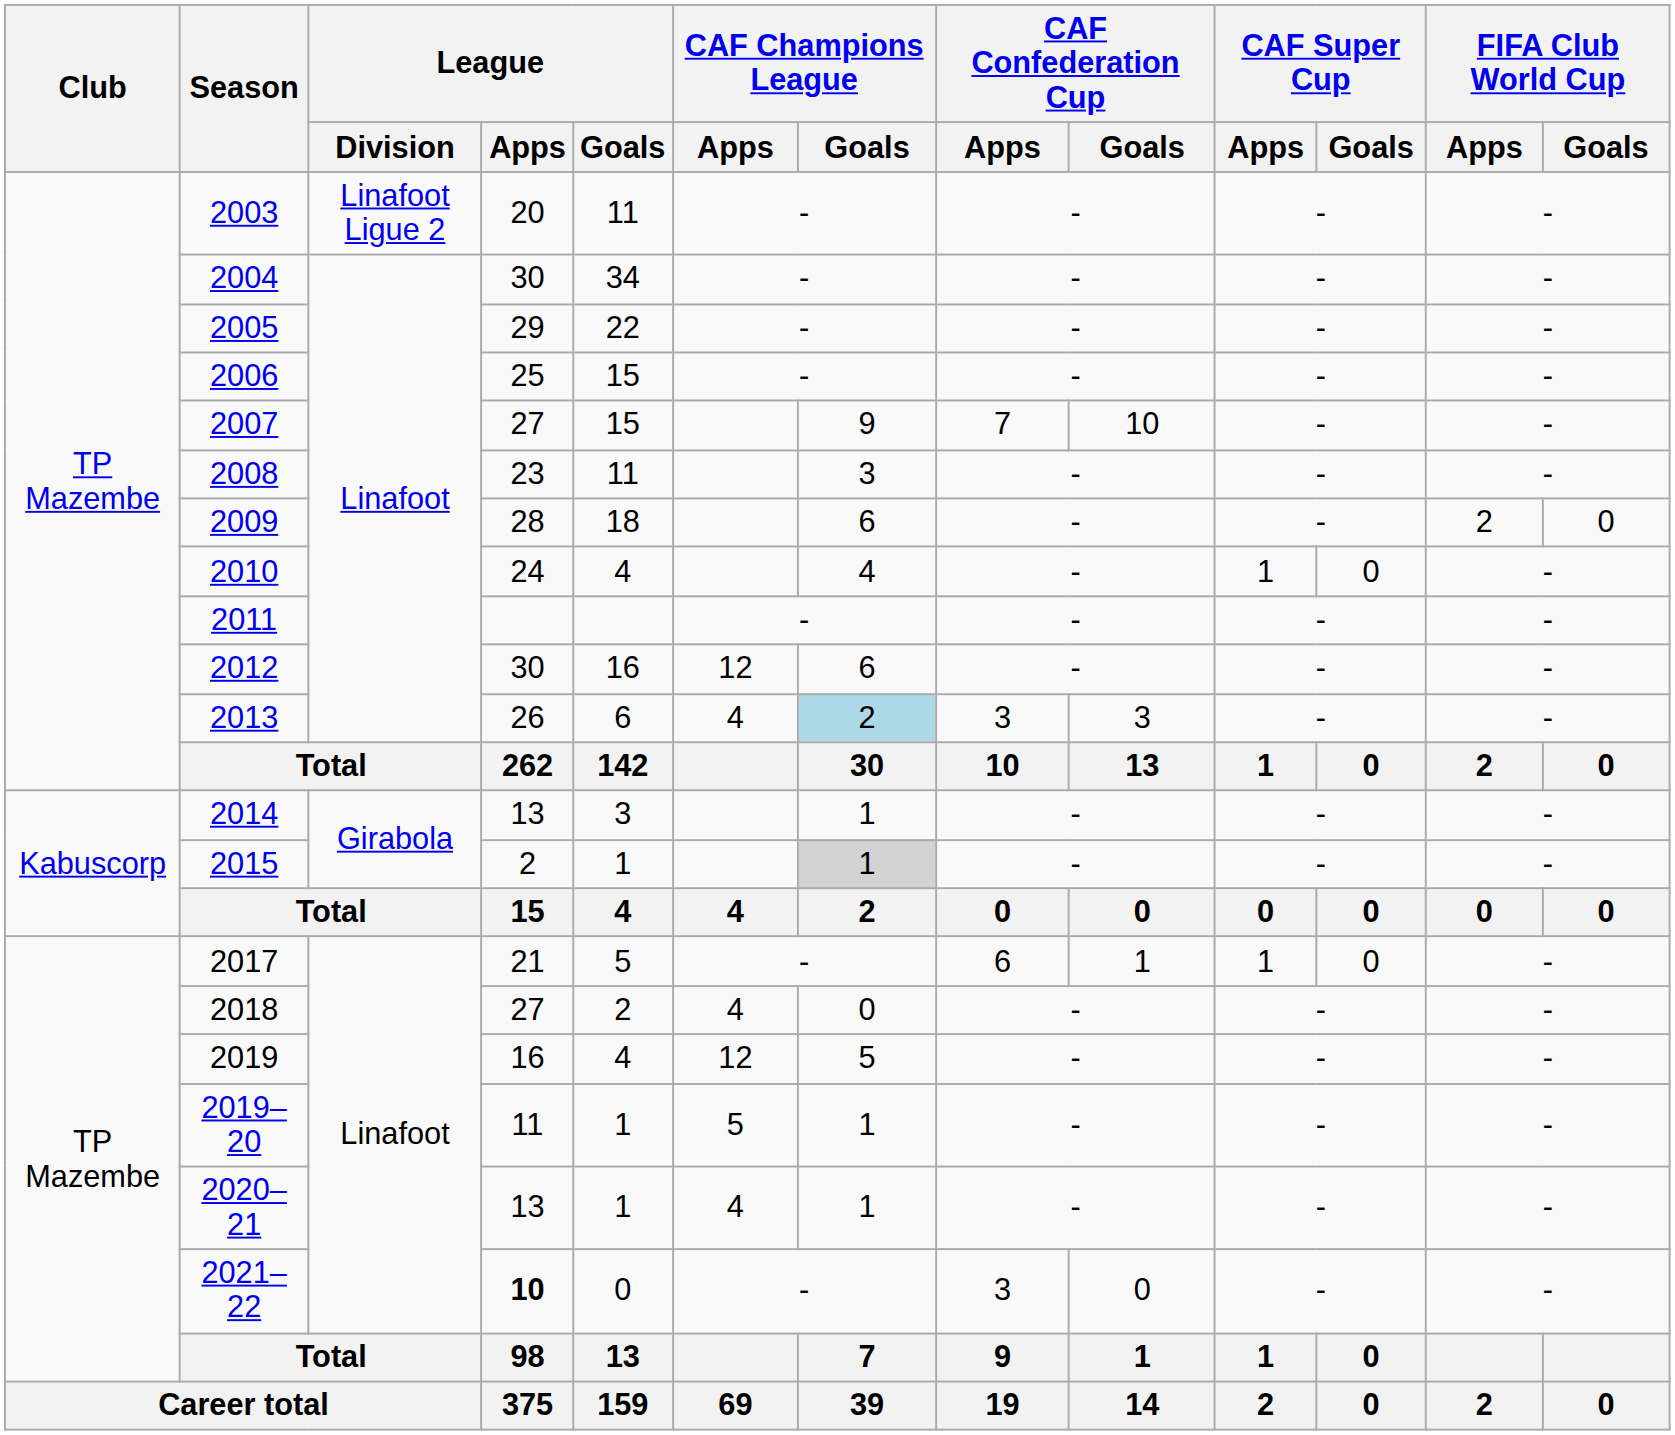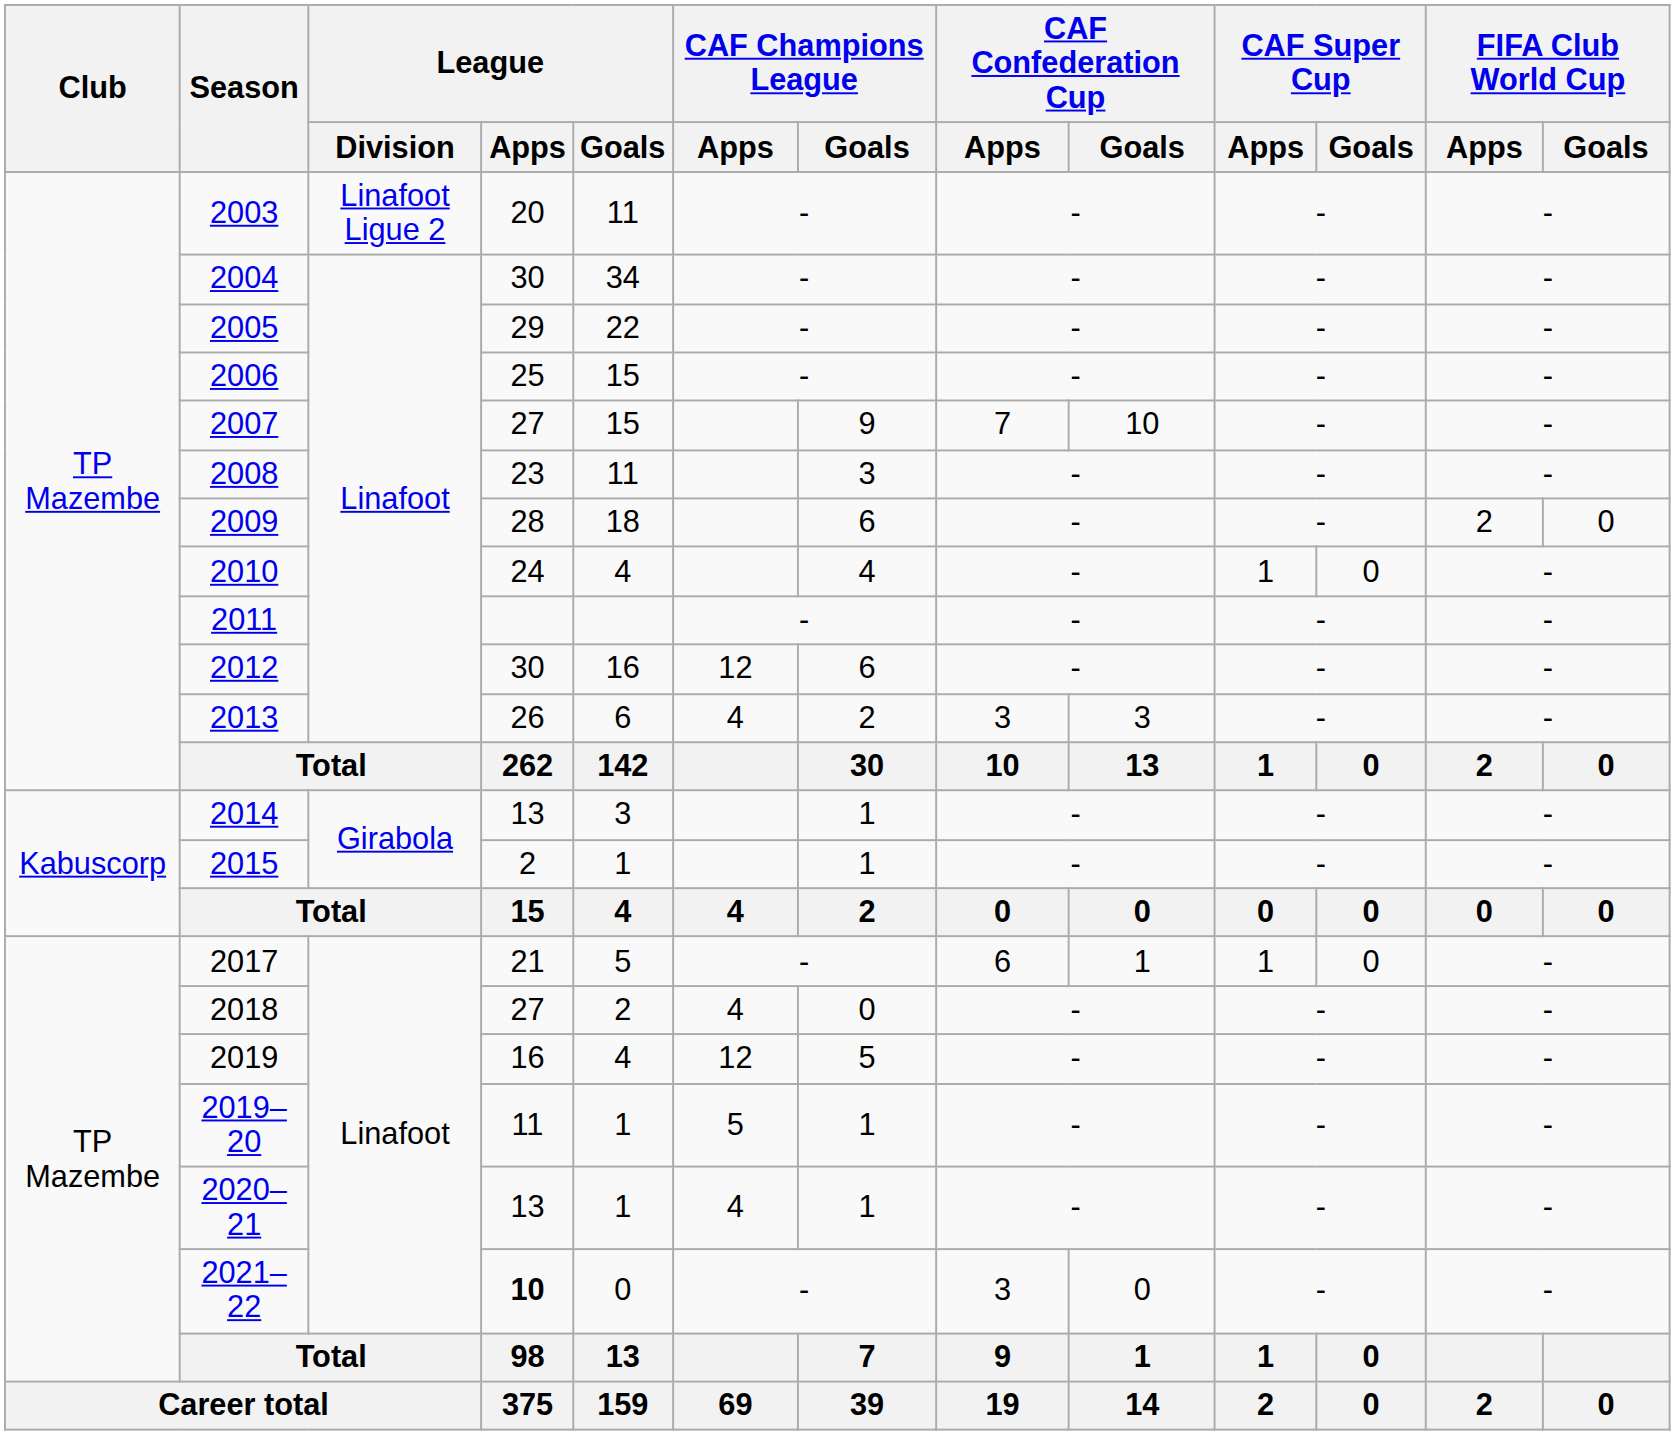 <table class="wikitable" style="text-align:center">
 <tr>
 <th rowspan="2">Club</th>
 <th rowspan="2">Season</th>
 <th colspan="3">League</th>
 <th colspan="2"><a href='#'>CAF Champions League</a></th>
 <th colspan="2"><a href='#'>CAF Confederation Cup</a></th>
 <th colspan="2"><a href='#'>CAF Super Cup</a></th>
 <th colspan="2"><a href='#'>FIFA Club World Cup</a></th>
 </tr>
 <tr>
 <th>Division</th>
 <th>Apps</th>
 <th>Goals</th>
 <th>Apps</th>
 <th>Goals</th>
 <th>Apps</th>
 <th>Goals</th>
 <th>Apps</th>
 <th>Goals</th>
 <th>Apps</th>
 <th>Goals</th>
 </tr>
 <tr>
 <td rowspan="12"><a href='#'>TP Mazembe</a></td>
 <td><a href='#'>2003</a></td>
 <td><a href='#'>Linafoot Ligue 2</a></td>
 <td>20</td>
 <td>11</td>
 <td colspan="2">-</td>
 <td colspan="2">-</td>
 <td colspan="2">-</td>
 <td colspan="2">-</td>
 </tr>
 <tr>
 <td><a href='#'>2004</a></td>
 <td rowspan="10"><a href='#'>Linafoot</a></td>
 <td>30</td>
 <td>34</td>
 <td colspan="2">-</td>
 <td colspan="2">-</td>
 <td colspan="2">-</td>
 <td colspan="2">-</td>
 </tr>
 <tr>
 <td><a href='#'>2005</a></td>
 <td>29</td>
 <td>22</td>
 <td colspan="2">-</td>
 <td colspan="2">-</td>
 <td colspan="2">-</td>
 <td colspan="2">-</td>
 </tr>
 <tr>
 <td><a href='#'>2006</a></td>
 <td>25</td>
 <td>15</td>
 <td colspan="2">-</td>
 <td colspan="2">-</td>
 <td colspan="2">-</td>
 <td colspan="2">-</td>
 </tr>
 <tr>
 <td><a href='#'>2007</a></td>
 <td>27</td>
 <td>15</td>
 <td></td>
 <td>9</td>
 <td>7</td>
 <td>10</td>
 <td colspan="2">-</td>
 <td colspan="2">-</td>
 </tr>
 <tr>
 <td><a href='#'>2008</a></td>
 <td>23</td>
 <td>11</td>
 <td></td>
 <td>3</td>
 <td colspan="2">-</td>
 <td colspan="2">-</td>
 <td colspan="2">-</td>
 </tr>
 <tr>
 <td><a href='#'>2009</a></td>
 <td>28</td>
 <td>18</td>
 <td></td>
 <td>6</td>
 <td colspan="2">-</td>
 <td colspan="2">-</td>
 <td>2</td>
 <td>0</td>
 </tr>
 <tr>
 <td><a href='#'>2010</a></td>
 <td>24</td>
 <td>4</td>
 <td></td>
 <td>4</td>
 <td colspan="2">-</td>
 <td>1</td>
 <td>0</td>
 <td colspan="2">-</td>
 </tr>
 <tr>
 <td><a href='#'>2011</a></td>
 <td></td>
 <td></td>
 <td colspan="2">-</td>
 <td colspan="2">-</td>
 <td colspan="2">-</td>
 <td colspan="2">-</td>
 </tr>
 <tr>
 <td><a href='#'>2012</a></td>
 <td>30</td>
 <td>16</td>
 <td>12</td>
 <td>6</td>
 <td colspan="2">-</td>
 <td colspan="2">-</td>
 <td colspan="2">-</td>
 </tr>
 <tr>
 <td><a href='#'>2013</a></td>
 <td>26</td>
 <td>6</td>
 <td>4</td>
-<td style="background: lightblue;">2</td>
+<td>2</td>
 <td>3</td>
 <td>3</td>
 <td colspan="2">-</td>
 <td colspan="2">-</td>
 </tr>
 <tr>
 <th colspan="2">Total</th>
 <th>262</th>
 <th>142</th>
 <th></th>
 <th>30</th>
 <th>10</th>
 <th>13</th>
 <th>1</th>
 <th>0</th>
 <th>2</th>
 <th>0</th>
 </tr>
 <tr>
 <td rowspan="3"><a href='#'>Kabuscorp</a></td>
 <td><a href='#'>2014</a></td>
 <td rowspan="2"><a href='#'>Girabola</a></td>
 <td>13</td>
 <td>3</td>
 <td></td>
 <td>1</td>
 <td colspan="2">-</td>
 <td colspan="2">-</td>
 <td colspan="2">-</td>
 </tr>
 <tr>
 <td><a href='#'>2015</a></td>
 <td>2</td>
 <td>1</td>
 <td></td>
-<td style="background: lightgrey;">1</td>
+<td>1</td>
 <td colspan="2">-</td>
 <td colspan="2">-</td>
 <td colspan="2">-</td>
 </tr>
 <tr>
 <th colspan="2">Total</th>
 <th>15</th>
 <th>4</th>
 <th>4</th>
 <th>2</th>
 <th>0</th>
 <th>0</th>
 <th>0</th>
 <th>0</th>
 <th>0</th>
 <th>0</th>
 </tr>
 <tr>
 <td rowspan="7">TP Mazembe</td>
 <td>2017</td>
 <td rowspan="6">Linafoot</td>
 <td>21</td>
 <td>5</td>
 <td colspan="2">-</td>
 <td>6</td>
 <td>1</td>
 <td>1</td>
 <td>0</td>
 <td colspan="2">-</td>
 </tr>
 <tr>
 <td>2018</td>
 <td>27</td>
 <td>2</td>
 <td>4</td>
 <td>0</td>
 <td colspan="2">-</td>
 <td colspan="2">-</td>
 <td colspan="2">-</td>
 </tr>
 <tr>
 <td>2019</td>
 <td>16</td>
 <td>4</td>
 <td>12</td>
 <td>5</td>
 <td colspan="2">-</td>
 <td colspan="2">-</td>
 <td colspan="2">-</td>
 </tr>
 <tr>
 <td><a href='#'>2019–20</a></td>
 <td>11</td>
 <td>1</td>
 <td>5</td>
 <td>1</td>
 <td colspan="2">-</td>
 <td colspan="2">-</td>
 <td colspan="2">-</td>
 </tr>
 <tr>
 <td><a href='#'>2020–21</a></td>
 <td>13</td>
 <td>1</td>
 <td>4</td>
 <td>1</td>
 <td colspan="2">-</td>
 <td colspan="2">-</td>
 <td colspan="2">-</td>
 </tr>
 <tr>
 <td><a href='#'>2021–22</a></td>
 <td><strong>10</strong></td>
 <td>0</td>
 <td colspan="2">-</td>
 <td>3</td>
 <td>0</td>
 <td colspan="2">-</td>
 <td colspan="2">-</td>
 </tr>
 <tr>
 <th colspan="2">Total</th>
 <th>98</th>
 <th>13</th>
 <th></th>
 <th>7</th>
 <th>9</th>
 <th>1</th>
 <th>1</th>
 <th>0</th>
 <th></th>
 <th></th>
 </tr>
 <tr>
 <th colspan="3">Career total</th>
 <th>375</th>
 <th>159</th>
 <th>69</th>
 <th>39</th>
 <th>19</th>
 <th>14</th>
 <th>2</th>
 <th>0</th>
 <th>2</th>
 <th>0</th>
 </tr>
 </table>
